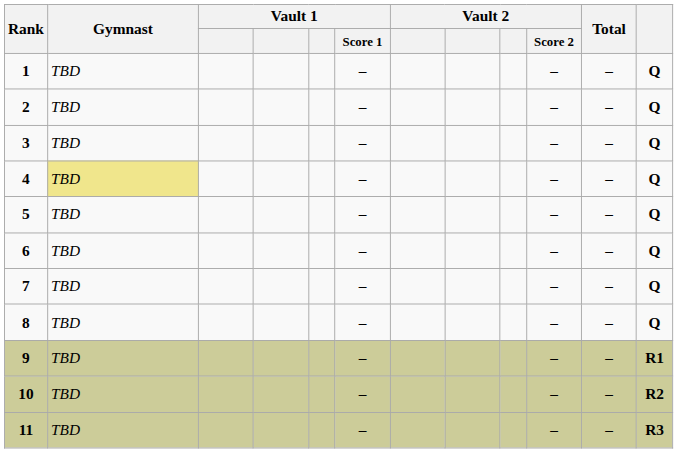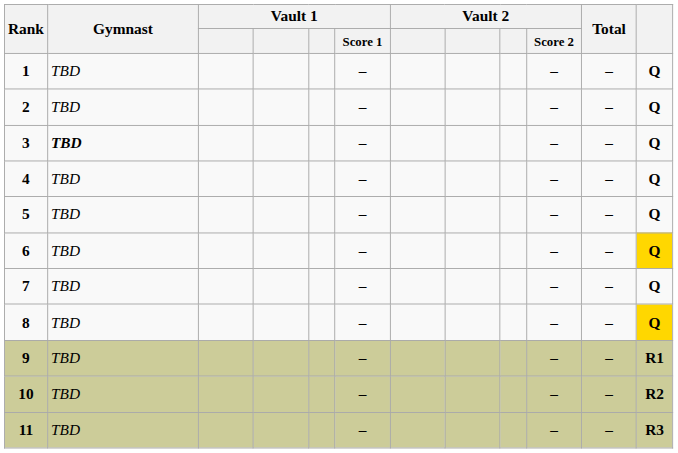 <table class="wikitable sortable" style="text-align:center;">
 <tr>
 <th rowspan="2" style="width:15px;">Rank</th>
 <th rowspan="2" style="width:150px;">Gymnast</th>
 <th colspan="4">Vault 1</th>
 <th colspan="4">Vault 2</th>
 <th rowspan="2" style="width:50px;">Total</th>
 <th rowspan="2" style="width:30px;"><small></small></th>
 </tr>
 <tr>
 <th style="width:50px;"><small></small></th>
 <th style="width:50px;"><small></small></th>
 <th style="width:20px;"><small></small></th>
 <th style="width:50px;"><small>Score 1</small></th>
 <th style="width:50px;"><small></small></th>
 <th style="width:50px;"><small></small></th>
 <th style="width:20px;"><small></small></th>
 <th style="width:50px;"><small>Score 2</small></th>
 </tr>
 <tr>
 <td scope="row" style="text-align:center"><strong>1</strong></td>
 <td style="height:30px; text-align:left;"><em>TBD</em></td>
 <td></td>
 <td></td>
 <td></td>
 <td><strong>–</strong></td>
 <td></td>
 <td></td>
 <td></td>
 <td><strong>–</strong></td>
 <td><strong>–</strong></td>
 <td><strong>Q</strong></td>
 </tr>
 <tr>
 <td scope="row" style="text-align:center"><strong>2</strong></td>
 <td style="height:30px; text-align:left;"><em>TBD</em></td>
 <td></td>
 <td></td>
 <td></td>
 <td><strong>–</strong></td>
 <td></td>
 <td></td>
 <td></td>
 <td><strong>–</strong></td>
 <td><strong>–</strong></td>
 <td><strong>Q</strong></td>
 </tr>
 <tr>
 <td scope="row" style="text-align:center"><strong>3</strong></td>
-<td style="height:30px; text-align:left;"><em>TBD</em></td>
+<td style="height:30px; text-align:left;"><strong><em>TBD</em></strong></td>
 <td></td>
 <td></td>
 <td></td>
 <td><strong>–</strong></td>
 <td></td>
 <td></td>
 <td></td>
 <td><strong>–</strong></td>
 <td><strong>–</strong></td>
 <td><strong>Q</strong></td>
 </tr>
 <tr>
 <td scope="row" style="text-align:center"><strong>4</strong></td>
-<td style="background: khaki; height:30px; text-align:left;"><em>TBD</em></td>
+<td style="height:30px; text-align:left;"><em>TBD</em></td>
 <td></td>
 <td></td>
 <td></td>
 <td><strong>–</strong></td>
 <td></td>
 <td></td>
 <td></td>
 <td><strong>–</strong></td>
 <td><strong>–</strong></td>
 <td><strong>Q</strong></td>
 </tr>
 <tr>
 <td scope="row" style="text-align:center"><strong>5</strong></td>
 <td style="height:30px; text-align:left;"><em>TBD</em></td>
 <td></td>
 <td></td>
 <td></td>
 <td><strong>–</strong></td>
 <td></td>
 <td></td>
 <td></td>
 <td><strong>–</strong></td>
 <td><strong>–</strong></td>
 <td><strong>Q</strong></td>
 </tr>
 <tr>
 <td scope="row" style="text-align:center"><strong>6</strong></td>
 <td style="height:30px; text-align:left;"><em>TBD</em></td>
 <td></td>
 <td></td>
 <td></td>
 <td><strong>–</strong></td>
 <td></td>
 <td></td>
 <td></td>
 <td><strong>–</strong></td>
 <td><strong>–</strong></td>
-<td><strong>Q</strong></td>
+<td style="background: gold;"><strong>Q</strong></td>
 </tr>
 <tr>
 <td scope="row" style="text-align:center"><strong>7</strong></td>
 <td style="height:30px; text-align:left;"><em>TBD</em></td>
 <td></td>
 <td></td>
 <td></td>
 <td><strong>–</strong></td>
 <td></td>
 <td></td>
 <td></td>
 <td><strong>–</strong></td>
 <td><strong>–</strong></td>
 <td><strong>Q</strong></td>
 </tr>
 <tr>
 <td scope="row" style="text-align:center"><strong>8</strong></td>
 <td style="height:30px; text-align:left;"><em>TBD</em></td>
 <td></td>
 <td></td>
 <td></td>
 <td><strong>–</strong></td>
 <td></td>
 <td></td>
 <td></td>
 <td><strong>–</strong></td>
 <td><strong>–</strong></td>
-<td><strong>Q</strong></td>
+<td style="background: gold;"><strong>Q</strong></td>
 </tr>
 <tr style="background:#cccc99;">
 <td scope="row" style="text-align:center"><strong>9</strong></td>
 <td style="height:30px; text-align:left;"><em>TBD</em></td>
 <td></td>
 <td></td>
 <td></td>
 <td><strong>–</strong></td>
 <td></td>
 <td></td>
 <td></td>
 <td><strong>–</strong></td>
 <td><strong>–</strong></td>
 <td><strong>R1</strong></td>
 </tr>
 <tr style="background:#cccc99;">
 <td scope="row" style="text-align:center"><strong>10</strong></td>
 <td style="height:30px; text-align:left;"><em>TBD</em></td>
 <td></td>
 <td></td>
 <td></td>
 <td><strong>–</strong></td>
 <td></td>
 <td></td>
 <td></td>
 <td><strong>–</strong></td>
 <td><strong>–</strong></td>
 <td><strong>R2</strong></td>
 </tr>
 <tr style="background:#cccc99;">
 <td scope="row" style="text-align:center"><strong>11</strong></td>
 <td style="height:30px; text-align:left;"><em>TBD</em></td>
 <td></td>
 <td></td>
 <td></td>
 <td><strong>–</strong></td>
 <td></td>
 <td></td>
 <td></td>
 <td><strong>–</strong></td>
 <td><strong>–</strong></td>
 <td><strong>R3</strong></td>
 </tr>
 </table>
